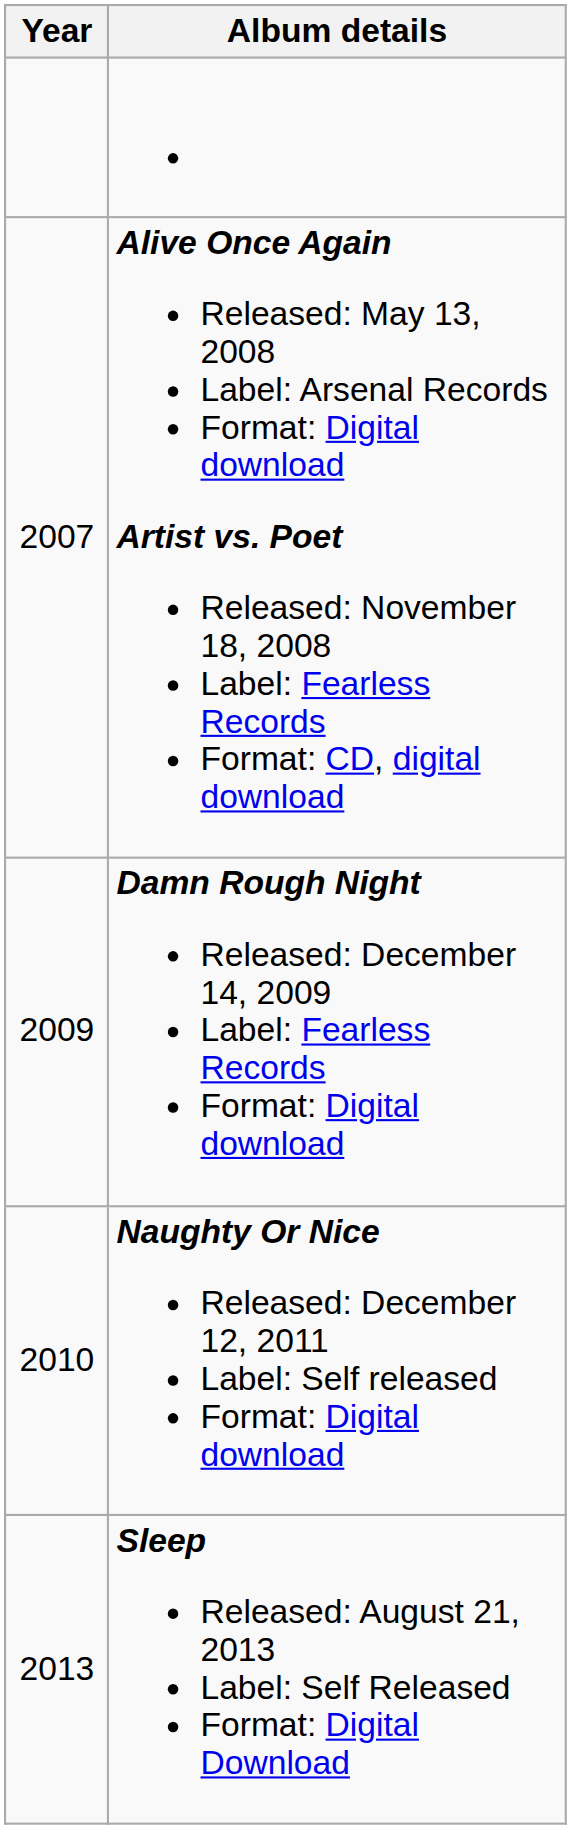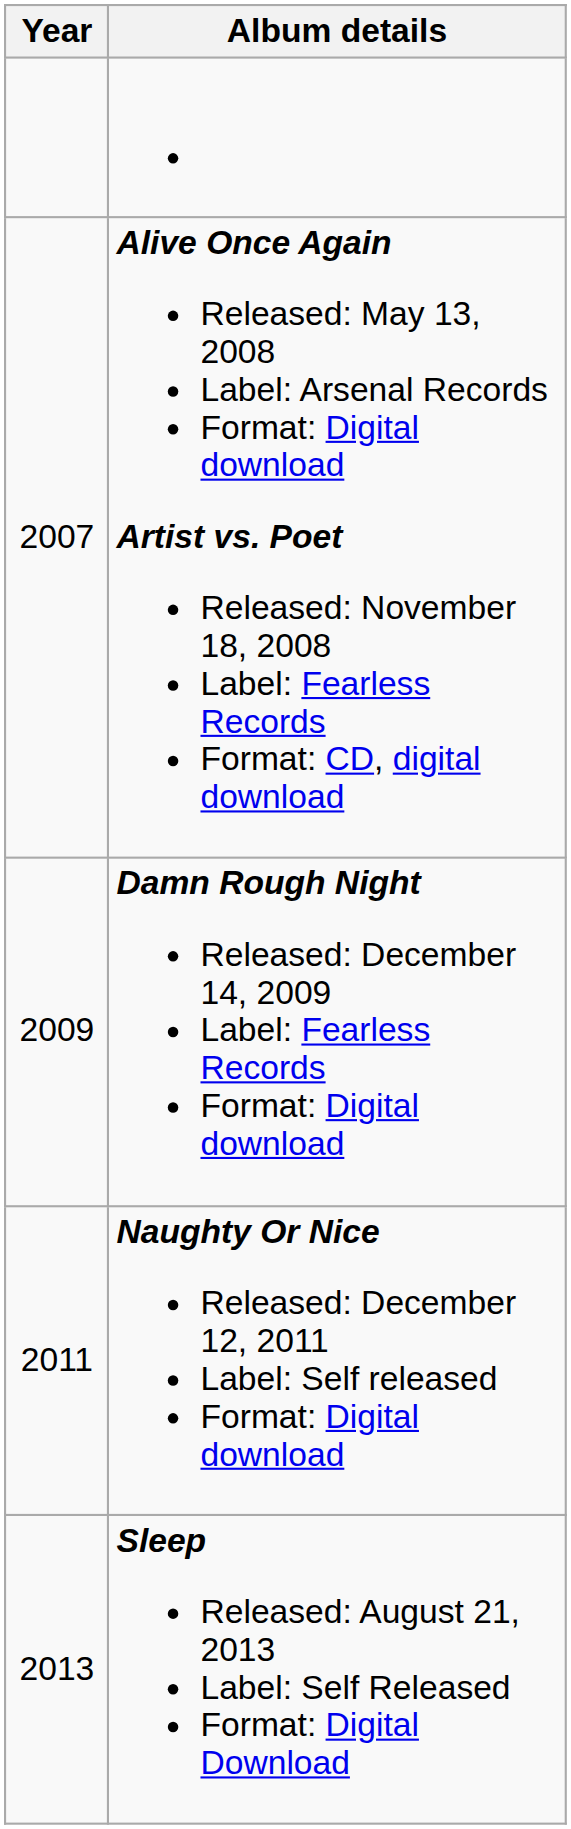 <table class="wikitable" style="text-align:center;">
 <tr>
 <th width="42">Year</th>
 <th width="210">Album details</th>
 </tr>
 <tr>
 <td></td>
 <td align="left"><br><ul><li></li></ul></td>
 </tr>
 <tr>
 <td>2007</td>
 <td align="left"><strong><em>Alive Once Again</em></strong><br><ul><li>Released: May 13, 2008</li><li>Label: Arsenal Records</li><li>Format: <a href='#'>Digital download</a></li></ul><strong><em>Artist vs. Poet</em></strong><ul><li>Released: November 18, 2008</li><li>Label: <a href='#'>Fearless Records</a></li><li>Format: <a href='#'>CD</a>, <a href='#'>digital download</a></li></ul></td>
 </tr>
 <tr>
 <td>2009</td>
 <td align="left"><strong><em>Damn Rough Night</em></strong><br><ul><li>Released: December 14, 2009</li><li>Label: <a href='#'>Fearless Records</a></li><li>Format: <a href='#'>Digital download</a></li></ul></td>
 </tr>
 <tr>
-<td>2010</td>
+<td>2011</td>
 <td align="left"><strong><em>Naughty Or Nice</em></strong> <br><ul><li>Released: December 12, 2011</li><li>Label: Self released</li><li>Format: <a href='#'>Digital download</a></li></ul></td>
 </tr>
 <tr>
 <td>2013</td>
 <td align="left"><strong><em>Sleep</em></strong><br><ul><li>Released: August 21, 2013</li><li>Label: Self Released</li><li>Format: <a href='#'>Digital Download</a></li></ul></td>
 </tr>
 </table>
